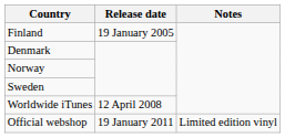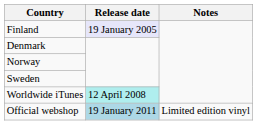 <table class="wikitable">
 <tr>
 <th>Country</th>
 <th>Release date</th>
 <th>Notes</th>
 </tr>
 <tr>
 <td>Finland</td>
-<td>19 January 2005</td>
+<td style="background: lavender;">19 January 2005</td>
 </tr>
 <tr>
 <td>Denmark</td>
 <td rowspan="3"></td>
 </tr>
 <tr>
 <td>Norway</td>
 </tr>
 <tr>
 <td>Sweden</td>
 </tr>
 <tr>
 <td>Worldwide iTunes</td>
-<td>12 April 2008</td>
+<td style="background: paleturquoise;">12 April 2008</td>
 </tr>
 <tr>
 <td>Official webshop</td>
-<td>19 January 2011</td>
+<td style="background: lightblue;">19 January 2011</td>
 <td>Limited edition vinyl</td>
 </tr>
 </table>
